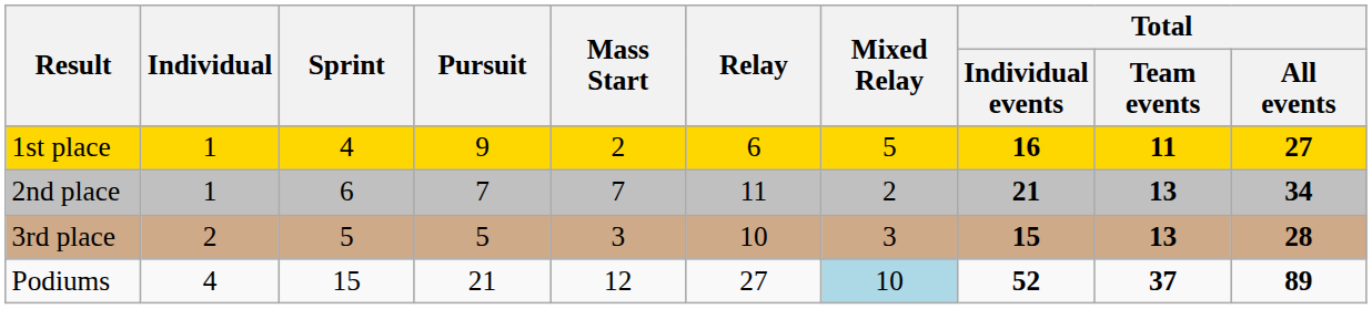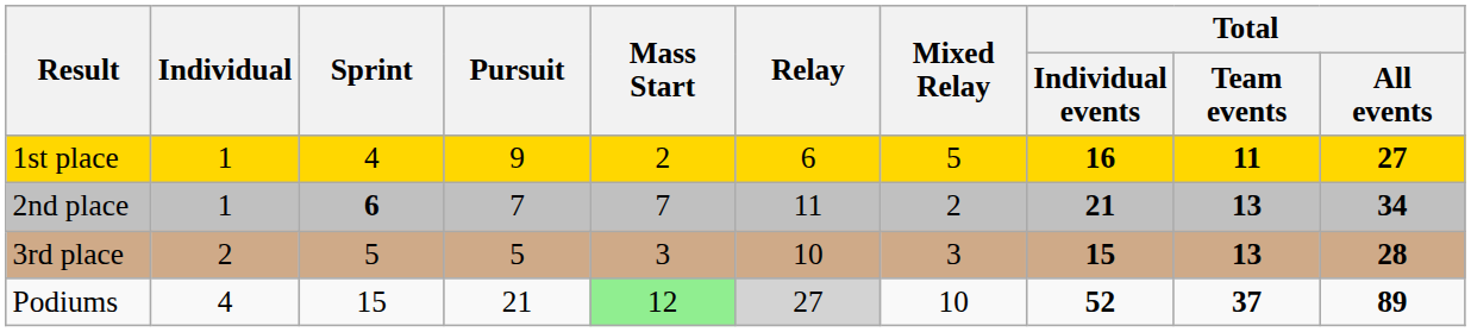 <table class="wikitable" style="text-align: center;">
 <tr>
 <th style="width:70px;" rowspan="2">Result</th>
 <th style="width:70px;" rowspan="2">Individual</th>
 <th style="width:70px;" rowspan="2">Sprint</th>
 <th style="width:70px;" rowspan="2">Pursuit</th>
 <th style="width:70px;" rowspan="2">Mass<br>Start</th>
 <th style="width:70px;" rowspan="2">Relay</th>
 <th style="width:70px;" rowspan="2">Mixed<br>Relay</th>
 <th style="width:70px;" colspan="3">Total</th>
 </tr>
 <tr>
 <th style="width:70px;">Individual<br>events</th>
 <th style="width:70px;">Team<br>events</th>
 <th style="width:70px;">All<br>events</th>
 </tr>
 <tr style="background:gold;">
 <td align=left>1st place</td>
 <td>1</td>
 <td>4</td>
 <td>9</td>
 <td>2</td>
 <td>6</td>
 <td>5</td>
 <td><strong>16</strong></td>
 <td><strong>11</strong></td>
 <td><strong>27</strong></td>
 </tr>
 <tr style="background:silver;">
 <td align=left>2nd place</td>
 <td>1</td>
-<td>6</td>
+<td><strong>6</strong></td>
 <td>7</td>
 <td>7</td>
 <td>11</td>
 <td>2</td>
 <td><strong>21</strong></td>
 <td><strong>13</strong></td>
 <td><strong>34</strong></td>
 </tr>
 <tr style="background:#cfaa88;">
 <td align=left>3rd place</td>
 <td>2</td>
 <td>5</td>
 <td>5</td>
 <td>3</td>
 <td>10</td>
 <td>3</td>
 <td><strong>15</strong></td>
 <td><strong>13</strong></td>
 <td><strong>28</strong></td>
 </tr>
 <tr>
 <td align=left>Podiums</td>
 <td>4</td>
 <td>15</td>
 <td>21</td>
-<td>12</td>
-<td>27</td>
-<td style="background: lightblue;">10</td>
+<td style="background: lightgreen;">12</td>
+<td style="background: lightgrey;">27</td>
+<td>10</td>
 <td><strong>52</strong></td>
 <td><strong>37</strong></td>
 <td><strong>89</strong></td>
 </tr>
 </table>
